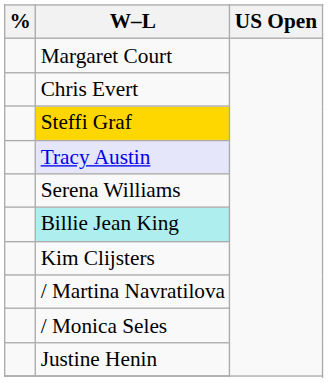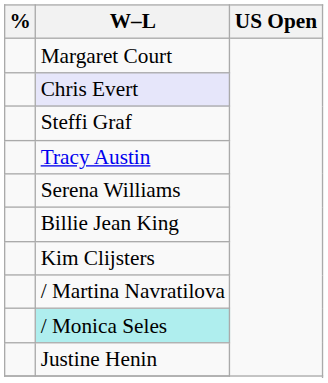 <table class="wikitable nowrap" style="display:inline-table;">
 <tr>
 <th>%</th>
 <th>W–L</th>
 <th>US Open</th>
 </tr>
 <tr>
 <td></td>
 <td> Margaret Court</td>
 </tr>
 <tr>
 <td></td>
-<td> Chris Evert</td>
+<td style="background: lavender;"> Chris Evert</td>
 </tr>
 <tr>
 <td></td>
-<td style="background: gold;"> Steffi Graf</td>
+<td> Steffi Graf</td>
 </tr>
 <tr>
 <td></td>
-<td style="background: lavender;"> <a href='#'>Tracy Austin</a></td>
+<td> <a href='#'>Tracy Austin</a></td>
 </tr>
 <tr>
 <td></td>
 <td> Serena Williams</td>
 </tr>
 <tr>
 <td></td>
-<td style="background: paleturquoise;"> Billie Jean King</td>
+<td> Billie Jean King</td>
 </tr>
 <tr>
 <td></td>
 <td> Kim Clijsters</td>
 </tr>
 <tr>
 <td></td>
 <td>/ Martina Navratilova</td>
 </tr>
 <tr>
 <td></td>
-<td>/ Monica Seles</td>
+<td style="background: paleturquoise;">/ Monica Seles</td>
 </tr>
 <tr>
 <td></td>
 <td> Justine Henin</td>
 </tr>
 <tr>
 </tr>
 </table>
